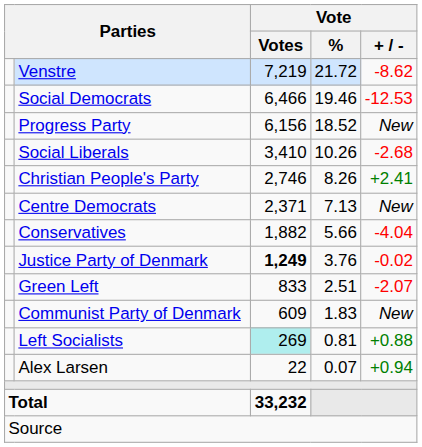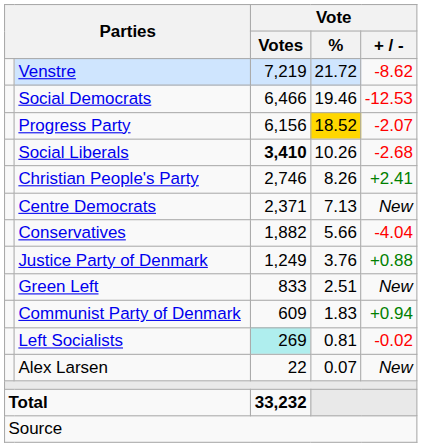 <table class="wikitable" style="text-align:right;">
 <tr>
 <th style="text-align:centre;" rowspan="2" colspan="2" width="225">Parties</th>
 <th colspan="3">Vote</th>
 </tr>
 <tr>
 <th width="15">Votes</th>
 <th width="15">%</th>
 <th width="15">+ / -</th>
 </tr>
 <tr>
 <td width="2" style="color:inherit;background:"></td>
 <td bgcolor=#cfe5fe  align="left"><a href='#'>Venstre</a></td>
 <td bgcolor=#cfe5fe>7,219</td>
 <td bgcolor=#cfe5fe>21.72</td>
 <td style=color:red;>-8.62</td>
 </tr>
 <tr>
 <td width="2" style="color:inherit;background:"></td>
 <td align="left"><a href='#'>Social Democrats</a></td>
 <td>6,466</td>
 <td>19.46</td>
 <td style=color:red;>-12.53</td>
 </tr>
 <tr>
 <td width="2" style="color:inherit;background:"></td>
 <td align="left"><a href='#'>Progress Party</a></td>
 <td>6,156</td>
-<td>18.52</td>
-<td><em>New</em></td>
+<td style="background: gold;">18.52</td>
+<td style=color:red;>-2.07</td>
 </tr>
 <tr>
 <td width="2" style="color:inherit;background:"></td>
 <td align="left"><a href='#'>Social Liberals</a></td>
-<td>3,410</td>
+<td><strong>3,410</strong></td>
 <td>10.26</td>
 <td style=color:red;>-2.68</td>
 </tr>
 <tr>
 <td width="2" style="color:inherit;background:"></td>
 <td align="left"><a href='#'>Christian People's Party</a></td>
 <td>2,746</td>
 <td>8.26</td>
 <td style=color:green;>+2.41</td>
 </tr>
 <tr>
 <td width="2" style="color:inherit;background:"></td>
 <td align="left"><a href='#'>Centre Democrats</a></td>
 <td>2,371</td>
 <td>7.13</td>
 <td><em>New</em></td>
 </tr>
 <tr>
 <td width="2" style="color:inherit;background:"></td>
 <td align="left"><a href='#'>Conservatives</a></td>
 <td>1,882</td>
 <td>5.66</td>
 <td style=color:red;>-4.04</td>
 </tr>
 <tr>
 <td width="2" style="color:inherit;background:"></td>
 <td align="left"><a href='#'>Justice Party of Denmark</a></td>
-<td><strong>1,249</strong></td>
+<td>1,249</td>
 <td>3.76</td>
-<td style=color:red;>-0.02</td>
+<td style=color:green;>+0.88</td>
 </tr>
 <tr>
 <td width="2" style="color:inherit;background:"></td>
 <td align="left"><a href='#'>Green Left</a></td>
 <td>833</td>
 <td>2.51</td>
-<td style=color:red;>-2.07</td>
+<td><em>New</em></td>
 </tr>
 <tr>
 <td width="2" style="color:inherit;background:"></td>
 <td align="left"><a href='#'>Communist Party of Denmark</a></td>
 <td>609</td>
 <td>1.83</td>
-<td><em>New</em></td>
+<td style=color:green;>+0.94</td>
 </tr>
 <tr>
 <td width="2" style="color:inherit;background:"></td>
 <td align="left"><a href='#'>Left Socialists</a></td>
 <td style="background: paleturquoise;">269</td>
 <td>0.81</td>
-<td style=color:green;>+0.88</td>
+<td style=color:red;>-0.02</td>
 </tr>
 <tr>
 <td width="2" style="color:inherit;background:"></td>
 <td align="left">Alex Larsen</td>
 <td>22</td>
 <td>0.07</td>
-<td style=color:green;>+0.94</td>
+<td><em>New</em></td>
 </tr>
 <tr>
 <td colspan="7" bgcolor="#E9E9E9"></td>
 </tr>
 <tr>
 <td align="left" colspan="2"><strong>Total</strong></td>
 <td><strong>33,232</strong></td>
 <td bgcolor="#E9E9E9" colspan="2"></td>
 </tr>
 <tr>
 <td align="left" colspan="6">Source</td>
 </tr>
 </table>
